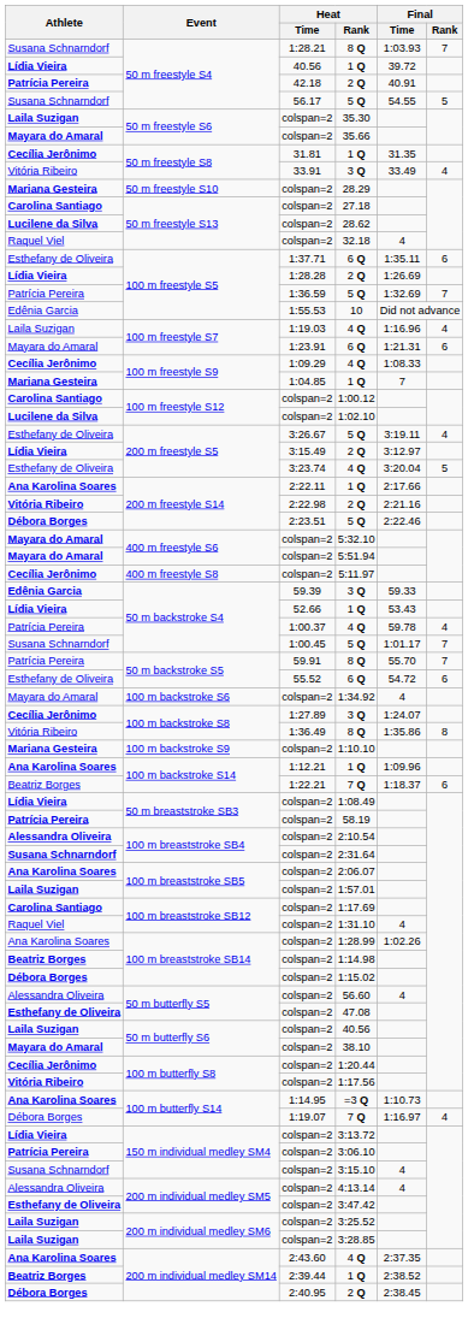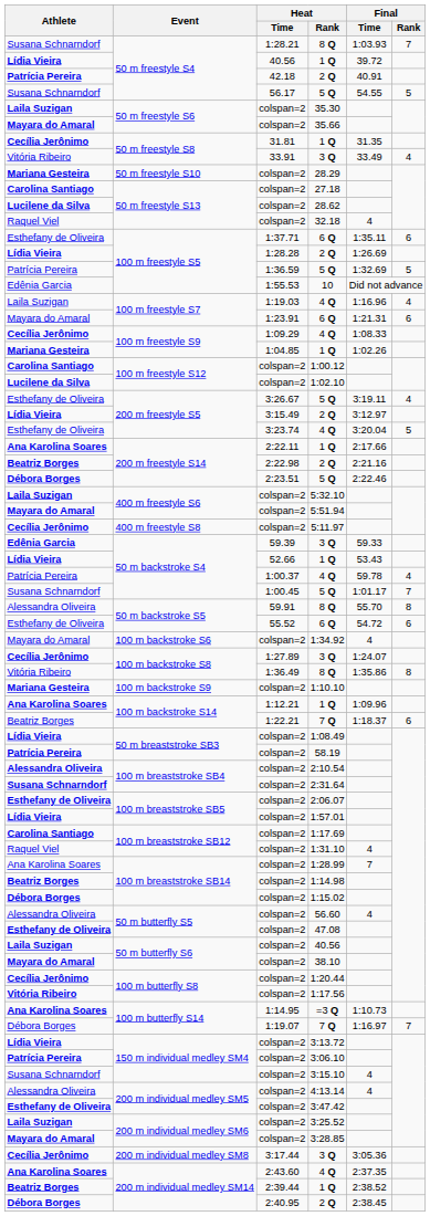 <table class=wikitable style=font-size:90%;text-align:center>
 <tr>
 <th rowspan=2>Athlete</th>
 <th rowspan=2>Event</th>
 <th colspan=2>Heat</th>
 <th colspan=2>Final</th>
 </tr>
 <tr style=font-size:95%>
 <th>Time</th>
 <th>Rank</th>
 <th>Time</th>
 <th>Rank</th>
 </tr>
 <tr align=center>
 <td align=left><a href='#'>Susana Schnarndorf</a></td>
 <td align=left rowspan=4><a href='#'>50 m freestyle S4</a></td>
 <td>1:28.21</td>
 <td>8 <strong>Q</strong></td>
 <td>1:03.93</td>
 <td>7</td>
 </tr>
 <tr align=center>
 <td align=left><strong><a href='#'>Lídia Vieira</a></strong></td>
 <td>40.56</td>
 <td>1 <strong>Q</strong></td>
 <td>39.72</td>
 <td></td>
 </tr>
 <tr align=center>
 <td align=left><strong><a href='#'>Patrícia Pereira</a></strong></td>
 <td>42.18</td>
 <td>2 <strong>Q</strong></td>
 <td>40.91</td>
 <td></td>
 </tr>
 <tr align=center>
 <td align=left><a href='#'>Susana Schnarndorf</a></td>
 <td>56.17</td>
 <td>5 <strong>Q</strong></td>
 <td>54.55</td>
 <td>5</td>
 </tr>
 <tr align=center>
 <td align=left><strong><a href='#'>Laila Suzigan</a></strong></td>
 <td align=left rowspan=2><a href='#'>50 m freestyle S6</a></td>
 <td>colspan=2 </td>
 <td>35.30</td>
 <td></td>
 </tr>
 <tr align=center>
 <td align=left><strong><a href='#'>Mayara do Amaral</a></strong></td>
 <td>colspan=2 </td>
 <td>35.66</td>
 <td></td>
 </tr>
 <tr align=center>
 <td align=left><strong><a href='#'>Cecília Jerônimo</a></strong></td>
 <td align=left rowspan=2><a href='#'>50 m freestyle S8</a></td>
 <td>31.81</td>
 <td>1 <strong>Q</strong></td>
 <td>31.35</td>
 <td></td>
 </tr>
 <tr align=center>
 <td align=left><a href='#'>Vitória Ribeiro</a></td>
 <td>33.91</td>
 <td>3 <strong>Q</strong></td>
 <td>33.49</td>
 <td>4</td>
 </tr>
 <tr align=center>
 <td align=left><strong><a href='#'>Mariana Gesteira</a></strong></td>
 <td align=left><a href='#'>50 m freestyle S10</a></td>
 <td>colspan=2 </td>
 <td>28.29</td>
 <td></td>
 </tr>
 <tr align=center>
 <td align=left><strong><a href='#'>Carolina Santiago</a></strong></td>
 <td align=left rowspan=3><a href='#'>50 m freestyle S13</a></td>
 <td>colspan=2 </td>
 <td>27.18</td>
 <td></td>
 </tr>
 <tr align=center>
 <td align=left><strong><a href='#'>Lucilene da Silva</a></strong></td>
 <td>colspan=2 </td>
 <td>28.62</td>
 <td></td>
 </tr>
 <tr align=center>
 <td align=left><a href='#'>Raquel Viel</a></td>
 <td>colspan=2 </td>
 <td>32.18</td>
 <td>4</td>
 </tr>
 <tr align=center>
 <td align=left><a href='#'>Esthefany de Oliveira</a></td>
 <td align=left rowspan=4><a href='#'>100 m freestyle S5</a></td>
 <td>1:37.71</td>
 <td>6 <strong>Q</strong></td>
 <td>1:35.11</td>
 <td>6</td>
 </tr>
 <tr align=center>
 <td align=left><strong><a href='#'>Lídia Vieira</a></strong></td>
 <td>1:28.28</td>
 <td>2 <strong>Q</strong></td>
 <td>1:26.69</td>
 <td></td>
 </tr>
 <tr align=center>
 <td align=left><a href='#'>Patrícia Pereira</a></td>
 <td>1:36.59</td>
 <td>5 <strong>Q</strong></td>
 <td>1:32.69</td>
-<td>7</td>
+<td>5</td>
 </tr>
 <tr align=center>
 <td align=left><a href='#'>Edênia Garcia</a></td>
 <td>1:55.53</td>
 <td>10</td>
 <td colspan=2>Did not advance</td>
 </tr>
 <tr align=center>
 <td align=left><a href='#'>Laila Suzigan</a></td>
 <td align=left rowspan=2><a href='#'>100 m freestyle S7</a></td>
 <td>1:19.03</td>
 <td>4 <strong>Q</strong></td>
 <td>1:16.96</td>
 <td>4</td>
 </tr>
 <tr align=center>
 <td align=left><a href='#'>Mayara do Amaral</a></td>
 <td>1:23.91</td>
 <td>6 <strong>Q</strong></td>
 <td>1:21.31</td>
 <td>6</td>
 </tr>
 <tr align=center>
 <td align=left><strong><a href='#'>Cecília Jerônimo</a></strong></td>
 <td align=left rowspan=2><a href='#'>100 m freestyle S9</a></td>
 <td>1:09.29</td>
 <td>4 <strong>Q</strong></td>
 <td>1:08.33</td>
 <td></td>
 </tr>
 <tr align=center>
 <td align=left><strong><a href='#'>Mariana Gesteira</a></strong></td>
 <td>1:04.85</td>
 <td>1 <strong>Q</strong></td>
-<td>7</td>
+<td>1:02.26</td>
 <td></td>
 </tr>
 <tr align=center>
 <td align=left><strong><a href='#'>Carolina Santiago</a></strong></td>
 <td align=left rowspan=2><a href='#'>100 m freestyle S12</a></td>
 <td>colspan=2 </td>
 <td>1:00.12</td>
 <td></td>
 </tr>
 <tr align=center>
 <td align=left><strong><a href='#'>Lucilene da Silva</a></strong></td>
 <td>colspan=2 </td>
 <td>1:02.10</td>
 <td></td>
 </tr>
 <tr align=center>
 <td align=left><a href='#'>Esthefany de Oliveira</a></td>
 <td align=left rowspan=3><a href='#'>200 m freestyle S5</a></td>
 <td>3:26.67</td>
 <td>5 <strong>Q</strong></td>
 <td>3:19.11</td>
 <td>4</td>
 </tr>
 <tr align=center>
 <td align=left><strong><a href='#'>Lídia Vieira</a></strong></td>
 <td>3:15.49</td>
 <td>2 <strong>Q</strong></td>
 <td>3:12.97</td>
 <td></td>
 </tr>
 <tr align=center>
 <td align=left><a href='#'>Esthefany de Oliveira</a></td>
 <td>3:23.74</td>
 <td>4 <strong>Q</strong></td>
 <td>3:20.04</td>
 <td>5</td>
 </tr>
 <tr align=center>
 <td align=left><strong><a href='#'>Ana Karolina Soares</a></strong></td>
 <td align=left rowspan=3><a href='#'>200 m freestyle S14</a></td>
 <td>2:22.11</td>
 <td>1 <strong>Q</strong></td>
 <td>2:17.66</td>
 <td></td>
 </tr>
 <tr align=center>
-<td align=left><strong><a href='#'>Vitória Ribeiro</a></strong></td>
+<td align=left><strong><a href='#'>Beatriz Borges</a></strong></td>
 <td>2:22.98</td>
 <td>2 <strong>Q</strong></td>
 <td>2:21.16</td>
 <td></td>
 </tr>
 <tr align=center>
 <td align=left><strong><a href='#'>Débora Borges</a></strong></td>
 <td>2:23.51</td>
 <td>5 <strong>Q</strong></td>
 <td>2:22.46</td>
 <td></td>
 </tr>
 <tr align=center>
-<td align=left><strong><a href='#'>Mayara do Amaral</a></strong></td>
+<td align=left><strong><a href='#'>Laila Suzigan</a></strong></td>
 <td align=left rowspan=2><a href='#'>400 m freestyle S6</a></td>
 <td>colspan=2 </td>
 <td>5:32.10</td>
 <td></td>
 </tr>
 <tr align=center>
 <td align=left><strong><a href='#'>Mayara do Amaral</a></strong></td>
 <td>colspan=2 </td>
 <td>5:51.94</td>
 <td></td>
 </tr>
 <tr align=center>
 <td align=left><strong><a href='#'>Cecília Jerônimo</a></strong></td>
 <td align=left><a href='#'>400 m freestyle S8</a></td>
 <td>colspan=2 </td>
 <td>5:11.97</td>
 <td></td>
 </tr>
 <tr align=center>
 <td align=left><strong><a href='#'>Edênia Garcia</a></strong></td>
 <td align=left rowspan=4><a href='#'>50 m backstroke S4</a></td>
 <td>59.39</td>
 <td>3 <strong>Q</strong></td>
 <td>59.33</td>
 <td></td>
 </tr>
 <tr align=center>
 <td align=left><strong><a href='#'>Lídia Vieira</a></strong></td>
 <td>52.66</td>
 <td>1 <strong>Q</strong></td>
 <td>53.43</td>
 <td></td>
 </tr>
 <tr align=center>
 <td align=left><a href='#'>Patrícia Pereira</a></td>
 <td>1:00.37</td>
 <td>4 <strong>Q</strong></td>
 <td>59.78</td>
 <td>4</td>
 </tr>
 <tr align=center>
 <td align=left><a href='#'>Susana Schnarndorf</a></td>
 <td>1:00.45</td>
 <td>5 <strong>Q</strong></td>
 <td>1:01.17</td>
 <td>7</td>
 </tr>
 <tr align=center>
-<td align=left><a href='#'>Patrícia Pereira</a></td>
+<td align=left><a href='#'>Alessandra Oliveira</a></td>
 <td align=left rowspan=2><a href='#'>50 m backstroke S5</a></td>
 <td>59.91</td>
 <td>8 <strong>Q</strong></td>
 <td>55.70</td>
-<td>7</td>
+<td>8</td>
 </tr>
 <tr align=center>
 <td align=left><a href='#'>Esthefany de Oliveira</a></td>
 <td>55.52</td>
 <td>6 <strong>Q</strong></td>
 <td>54.72</td>
 <td>6</td>
 </tr>
 <tr align=center>
 <td align=left><a href='#'>Mayara do Amaral</a></td>
 <td align=left><a href='#'>100 m backstroke S6</a></td>
 <td>colspan=2 </td>
 <td>1:34.92</td>
 <td>4</td>
 </tr>
 <tr align=center>
 <td align=left><strong><a href='#'>Cecília Jerônimo</a></strong></td>
 <td align=left rowspan=2><a href='#'>100 m backstroke S8</a></td>
 <td>1:27.89</td>
 <td>3 <strong>Q</strong></td>
 <td>1:24.07</td>
 <td></td>
 </tr>
 <tr align=center>
 <td align=left><a href='#'>Vitória Ribeiro</a></td>
 <td>1:36.49</td>
 <td>8 <strong>Q</strong></td>
 <td>1:35.86</td>
 <td>8</td>
 </tr>
 <tr align=center>
 <td align=left><strong><a href='#'>Mariana Gesteira</a></strong></td>
 <td align=left><a href='#'>100 m backstroke S9</a></td>
 <td>colspan=2 </td>
 <td>1:10.10</td>
 <td></td>
 </tr>
 <tr align=center>
 <td align=left><strong><a href='#'>Ana Karolina Soares</a></strong></td>
 <td align=left rowspan=2><a href='#'>100 m backstroke S14</a></td>
 <td>1:12.21</td>
 <td>1 <strong>Q</strong></td>
 <td>1:09.96</td>
 <td></td>
 </tr>
 <tr align=center>
 <td align=left><a href='#'>Beatriz Borges</a></td>
 <td>1:22.21</td>
 <td>7 <strong>Q</strong></td>
 <td>1:18.37</td>
 <td>6</td>
 </tr>
 <tr align=center>
 <td align=left><strong><a href='#'>Lídia Vieira</a></strong></td>
 <td align=left rowspan=2><a href='#'>50 m breaststroke SB3</a></td>
 <td>colspan=2 </td>
 <td>1:08.49</td>
 <td></td>
 </tr>
 <tr align=center>
 <td align=left><strong><a href='#'>Patrícia Pereira</a></strong></td>
 <td>colspan=2 </td>
 <td>58.19</td>
 <td></td>
 </tr>
 <tr align=center>
 <td align=left><strong><a href='#'>Alessandra Oliveira</a></strong></td>
 <td align=left rowspan=2><a href='#'>100 m breaststroke SB4</a></td>
 <td>colspan=2 </td>
 <td>2:10.54</td>
 <td></td>
 </tr>
 <tr align=center>
 <td align=left><strong><a href='#'>Susana Schnarndorf</a></strong></td>
 <td>colspan=2 </td>
 <td>2:31.64</td>
 <td></td>
 </tr>
 <tr align=center>
-<td align=left><strong><a href='#'>Ana Karolina Soares</a></strong></td>
+<td align=left><strong><a href='#'>Esthefany de Oliveira</a></strong></td>
 <td align=left rowspan=2><a href='#'>100 m breaststroke SB5</a></td>
 <td>colspan=2 </td>
 <td>2:06.07</td>
 <td></td>
 </tr>
 <tr align=center>
-<td align=left><strong><a href='#'>Laila Suzigan</a></strong></td>
+<td align=left><strong><a href='#'>Lídia Vieira</a></strong></td>
 <td>colspan=2 </td>
 <td>1:57.01</td>
 <td></td>
 </tr>
 <tr align=center>
 <td align=left><strong><a href='#'>Carolina Santiago</a></strong></td>
 <td align=left rowspan=2><a href='#'>100 m breaststroke SB12</a></td>
 <td>colspan=2 </td>
 <td>1:17.69</td>
 <td></td>
 </tr>
 <tr align=center>
 <td align=left><a href='#'>Raquel Viel</a></td>
 <td>colspan=2 </td>
 <td>1:31.10</td>
 <td>4</td>
 </tr>
 <tr align=center>
 <td align=left><a href='#'>Ana Karolina Soares</a></td>
 <td align=left rowspan=3><a href='#'>100 m breaststroke SB14</a></td>
 <td>colspan=2 </td>
 <td>1:28.99</td>
-<td>1:02.26</td>
+<td>7</td>
 </tr>
 <tr align=center>
 <td align=left><strong><a href='#'>Beatriz Borges</a></strong></td>
 <td>colspan=2 </td>
 <td>1:14.98</td>
 <td></td>
 </tr>
 <tr align=center>
 <td align=left><strong><a href='#'>Débora Borges</a></strong></td>
 <td>colspan=2 </td>
 <td>1:15.02</td>
 <td></td>
 </tr>
 <tr align=center>
 <td align=left><a href='#'>Alessandra Oliveira</a></td>
 <td align=left rowspan=2><a href='#'>50 m butterfly S5</a></td>
 <td>colspan=2 </td>
 <td>56.60</td>
 <td>4</td>
 </tr>
 <tr align=center>
 <td align=left><strong><a href='#'>Esthefany de Oliveira</a></strong></td>
 <td>colspan=2 </td>
 <td>47.08</td>
 <td></td>
 </tr>
 <tr align=center>
 <td align=left><strong><a href='#'>Laila Suzigan</a></strong></td>
 <td align=left rowspan=2><a href='#'>50 m butterfly S6</a></td>
 <td>colspan=2 </td>
 <td>40.56</td>
 <td></td>
 </tr>
 <tr align=center>
 <td align=left><strong><a href='#'>Mayara do Amaral</a></strong></td>
 <td>colspan=2 </td>
 <td>38.10</td>
 <td></td>
 </tr>
 <tr align=center>
 <td align=left><strong><a href='#'>Cecília Jerônimo</a></strong></td>
 <td align=left rowspan=2><a href='#'>100 m butterfly S8</a></td>
 <td>colspan=2 </td>
 <td>1:20.44</td>
 <td></td>
 </tr>
 <tr align=center>
 <td align=left><strong><a href='#'>Vitória Ribeiro</a></strong></td>
 <td>colspan=2 </td>
 <td>1:17.56</td>
 <td></td>
 </tr>
 <tr align=center>
 <td align=left><strong><a href='#'>Ana Karolina Soares</a></strong></td>
 <td align=left rowspan=2><a href='#'>100 m butterfly S14</a></td>
 <td>1:14.95</td>
 <td>=3 <strong>Q</strong></td>
 <td>1:10.73</td>
 <td></td>
 </tr>
 <tr align=center>
 <td align=left><a href='#'>Débora Borges</a></td>
 <td>1:19.07</td>
 <td>7 <strong>Q</strong></td>
 <td>1:16.97</td>
-<td>4</td>
+<td>7</td>
 </tr>
 <tr align=center>
 <td align=left><strong><a href='#'>Lídia Vieira</a></strong></td>
 <td align=left rowspan=3><a href='#'>150 m individual medley SM4</a></td>
 <td>colspan=2 </td>
 <td>3:13.72</td>
 <td></td>
 </tr>
 <tr align=center>
 <td align=left><strong><a href='#'>Patrícia Pereira</a></strong></td>
 <td>colspan=2 </td>
 <td>3:06.10</td>
 <td></td>
 </tr>
 <tr align=center>
 <td align=left><a href='#'>Susana Schnarndorf</a></td>
 <td>colspan=2 </td>
 <td>3:15.10</td>
 <td>4</td>
 </tr>
 <tr align=center>
 <td align=left><a href='#'>Alessandra Oliveira</a></td>
 <td align=left rowspan=2><a href='#'>200 m individual medley SM5</a></td>
 <td>colspan=2 </td>
 <td>4:13.14</td>
 <td>4</td>
 </tr>
 <tr align=center>
 <td align=left><strong><a href='#'>Esthefany de Oliveira</a></strong></td>
 <td>colspan=2 </td>
 <td>3:47.42</td>
 <td></td>
 </tr>
 <tr align=center>
 <td align=left><strong><a href='#'>Laila Suzigan</a></strong></td>
 <td align=left rowspan=2><a href='#'>200 m individual medley SM6</a></td>
 <td>colspan=2 </td>
 <td>3:25.52</td>
 <td></td>
 </tr>
 <tr align=center>
-<td align=left><strong><a href='#'>Laila Suzigan</a></strong></td>
+<td align=left><strong><a href='#'>Mayara do Amaral</a></strong></td>
 <td>colspan=2 </td>
 <td>3:28.85</td>
+<td></td>
+</tr>
+<tr align=center>
+<td align=left><strong><a href='#'>Cecília Jerônimo</a></strong></td>
+<td align=left><a href='#'>200 m individual medley SM8</a></td>
+<td>3:17.44</td>
+<td>3 <strong>Q</strong></td>
+<td>3:05.36</td>
 <td></td>
 </tr>
 <tr align=center>
 <td align=left><strong><a href='#'>Ana Karolina Soares</a></strong></td>
 <td align=left rowspan=3><a href='#'>200 m individual medley SM14</a></td>
 <td>2:43.60</td>
 <td>4 <strong>Q</strong></td>
 <td>2:37.35</td>
 <td></td>
 </tr>
 <tr align=center>
 <td align=left><strong><a href='#'>Beatriz Borges</a></strong></td>
 <td>2:39.44</td>
 <td>1 <strong>Q</strong></td>
 <td>2:38.52</td>
 <td></td>
 </tr>
 <tr align=center>
 <td align=left><strong><a href='#'>Débora Borges</a></strong></td>
 <td>2:40.95</td>
 <td>2 <strong>Q</strong></td>
 <td>2:38.45</td>
 <td></td>
 </tr>
 </table>
